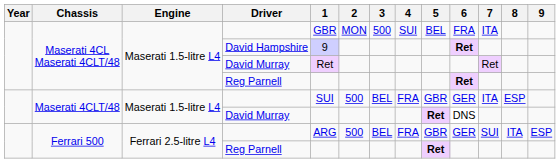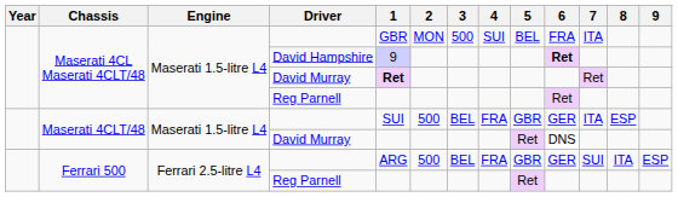 <table class="wikitable" style="text-align:center; font-size:90%">
 <tr>
 <th>Year</th>
 <th>Chassis</th>
 <th>Engine</th>
 <th>Driver</th>
 <th>1</th>
 <th>2</th>
 <th>3</th>
 <th>4</th>
 <th>5</th>
 <th>6</th>
 <th>7</th>
 <th>8</th>
 <th>9</th>
 </tr>
 <tr>
 <td rowspan="4"></td>
 <td rowspan="4"><a href='#'>Maserati 4CL</a><br><a href='#'>Maserati 4CLT/48</a></td>
 <td rowspan="4">Maserati 1.5-litre <a href='#'>L4</a></td>
 <td></td>
 <td><a href='#'>GBR</a></td>
 <td><a href='#'>MON</a></td>
 <td><a href='#'>500</a></td>
 <td><a href='#'>SUI</a></td>
 <td><a href='#'>BEL</a></td>
 <td><a href='#'>FRA</a></td>
 <td><a href='#'>ITA</a></td>
 <td></td>
 <td></td>
 </tr>
 <tr>
 <td align="left"> <a href='#'>David Hampshire</a></td>
 <td style="background:#CFCFFF;">9</td>
 <td></td>
 <td></td>
 <td></td>
 <td></td>
 <td style="background:#EFCFFF;"><strong>Ret</strong></td>
 <td></td>
 <td></td>
 <td></td>
 </tr>
 <tr>
 <td align="left"> <a href='#'>David Murray</a></td>
-<td style="background:#EFCFFF;">Ret</td>
+<td style="background:#EFCFFF;"><strong>Ret</strong></td>
 <td></td>
 <td></td>
 <td></td>
 <td></td>
 <td></td>
 <td style="background:#EFCFFF;">Ret</td>
 <td></td>
 <td></td>
 </tr>
 <tr>
 <td align="left"> <a href='#'>Reg Parnell</a></td>
 <td></td>
 <td></td>
 <td></td>
 <td></td>
 <td></td>
-<td style="background:#EFCFFF;"><strong>Ret</strong></td>
+<td style="background:#EFCFFF;">Ret</td>
 <td></td>
 <td></td>
 <td></td>
 </tr>
 <tr>
 <td rowspan="2"></td>
 <td rowspan="2"><a href='#'>Maserati 4CLT/48</a></td>
 <td rowspan="2">Maserati 1.5-litre <a href='#'>L4</a></td>
 <td></td>
 <td><a href='#'>SUI</a></td>
 <td><a href='#'>500</a></td>
 <td><a href='#'>BEL</a></td>
 <td><a href='#'>FRA</a></td>
 <td><a href='#'>GBR</a></td>
 <td><a href='#'>GER</a></td>
 <td><a href='#'>ITA</a></td>
 <td><a href='#'>ESP</a></td>
 <td></td>
 </tr>
 <tr>
 <td align="left"> <a href='#'>David Murray</a></td>
 <td></td>
 <td></td>
 <td></td>
 <td></td>
-<td style="background:#EFCFFF;"><strong>Ret</strong></td>
+<td style="background:#EFCFFF;">Ret</td>
 <td style="background:#FFFFFF;">DNS</td>
 <td></td>
 <td></td>
 <td></td>
 </tr>
 <tr>
 <td rowspan="2"></td>
 <td rowspan="2"><a href='#'>Ferrari 500</a></td>
 <td rowspan="2">Ferrari 2.5-litre <a href='#'>L4</a></td>
 <td></td>
 <td><a href='#'>ARG</a></td>
 <td><a href='#'>500</a></td>
 <td><a href='#'>BEL</a></td>
 <td><a href='#'>FRA</a></td>
 <td><a href='#'>GBR</a></td>
 <td><a href='#'>GER</a></td>
 <td><a href='#'>SUI</a></td>
 <td><a href='#'>ITA</a></td>
 <td><a href='#'>ESP</a></td>
 </tr>
 <tr>
 <td align="left"> <a href='#'>Reg Parnell</a></td>
 <td></td>
 <td></td>
 <td></td>
 <td></td>
-<td style="background:#EFCFFF;"><strong>Ret</strong></td>
+<td style="background:#EFCFFF;">Ret</td>
 <td></td>
 <td></td>
 <td></td>
 <td></td>
 </tr>
 </table>
